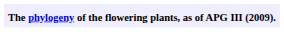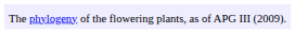 <table align="left" style="text-align:left; padding:2.5px; background:#eef">
 <tr>
 <td></td>
 </tr>
 <tr style="font-size:90%;">
-<td><strong>The <a href='#'>phylogeny</a> of the flowering plants, as of APG III (2009).</strong></td>
+<td>The <a href='#'>phylogeny</a> of the flowering plants, as of APG III (2009).</td>
 </tr>
 </table>
